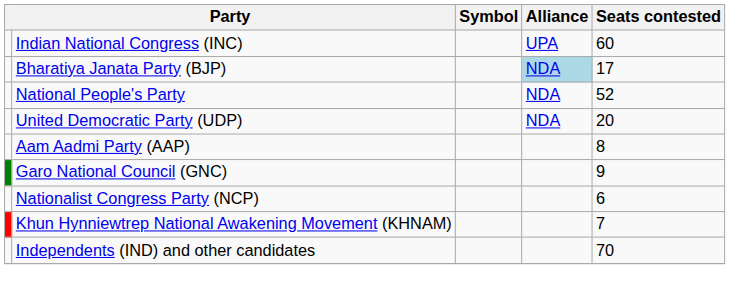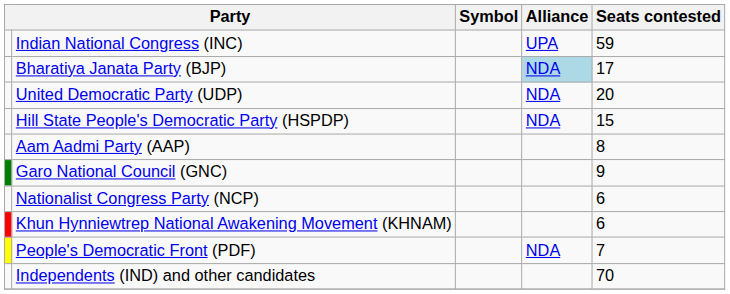 <table class="wikitable">
 <tr>
 <th colspan="2">Party</th>
 <th>Symbol</th>
 <th>Alliance</th>
 <th>Seats contested</th>
 </tr>
 <tr>
 <td></td>
 <td><a href='#'>Indian National Congress</a> (INC)</td>
 <td></td>
 <td><a href='#'>UPA</a></td>
-<td>60</td>
+<td>59</td>
 </tr>
 <tr>
 <td></td>
 <td><a href='#'>Bharatiya Janata Party</a> (BJP)</td>
 <td></td>
 <td style="background: lightblue;"><a href='#'>NDA</a></td>
 <td>17</td>
 </tr>
 <tr>
 <td></td>
-<td><a href='#'>National People's Party</a></td>
-<td></td>
-<td><a href='#'>NDA</a></td>
-<td>52</td>
-</tr>
-<tr>
-<td></td>
 <td><a href='#'>United Democratic Party</a> (UDP)</td>
 <td></td>
 <td><a href='#'>NDA</a></td>
 <td>20</td>
+</tr>
+<tr>
+<td></td>
+<td><a href='#'>Hill State People's Democratic Party</a> (HSPDP)</td>
+<td></td>
+<td><a href='#'>NDA</a></td>
+<td>15</td>
 </tr>
 <tr>
 <td></td>
 <td><a href='#'>Aam Aadmi Party</a> (AAP)</td>
 <td></td>
 <td></td>
 <td>8</td>
 </tr>
 <tr>
 <td bgcolor="green"></td>
 <td><a href='#'>Garo National Council</a> (GNC)</td>
 <td></td>
 <td></td>
 <td>9</td>
 </tr>
 <tr>
 <td></td>
 <td><a href='#'>Nationalist Congress Party</a> (NCP)</td>
 <td></td>
 <td></td>
 <td>6</td>
 </tr>
 <tr>
 <td bgcolor="red"></td>
 <td><a href='#'>Khun Hynniewtrep National Awakening Movement</a> (KHNAM)</td>
 <td></td>
 <td></td>
+<td>6</td>
+</tr>
+<tr>
+<td bgcolor="yellow"></td>
+<td><a href='#'>People's Democratic Front</a> (PDF)</td>
+<td></td>
+<td><a href='#'>NDA</a></td>
 <td>7</td>
 </tr>
 <tr>
 <td></td>
 <td><a href='#'>Independents</a> (IND) and other candidates</td>
 <td></td>
 <td></td>
 <td>70</td>
 </tr>
 <tr>
 </tr>
 </table>
